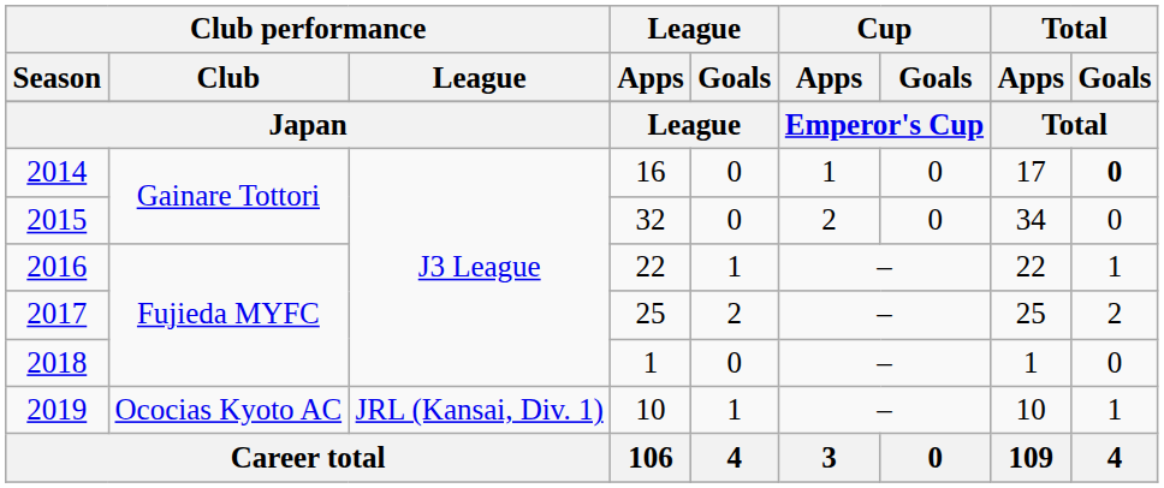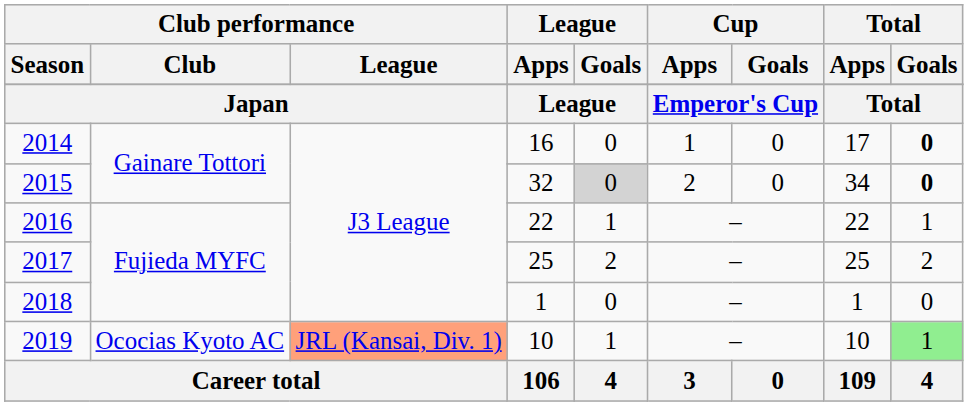 <table class="wikitable" style="text-align:center">
 <tr>
 <th colspan=3>Club performance</th>
 <th colspan=2>League</th>
 <th colspan=2>Cup</th>
 <th colspan=2>Total</th>
 </tr>
 <tr>
 <th>Season</th>
 <th>Club</th>
 <th>League</th>
 <th>Apps</th>
 <th>Goals</th>
 <th>Apps</th>
 <th>Goals</th>
 <th>Apps</th>
 <th>Goals</th>
 </tr>
 <tr>
 </tr>
 <tr>
 <th colspan=3>Japan</th>
 <th colspan=2>League</th>
 <th colspan=2><a href='#'>Emperor's Cup</a></th>
 <th colspan=2>Total</th>
 </tr>
 <tr>
 <td><a href='#'>2014</a></td>
 <td rowspan="2"><a href='#'>Gainare Tottori</a></td>
 <td rowspan="5"><a href='#'>J3 League</a></td>
 <td>16</td>
 <td>0</td>
 <td>1</td>
 <td>0</td>
 <td>17</td>
 <td><strong>0</strong></td>
 </tr>
 <tr>
 <td><a href='#'>2015</a></td>
 <td>32</td>
-<td>0</td>
+<td style="background: lightgrey;">0</td>
 <td>2</td>
 <td>0</td>
 <td>34</td>
-<td>0</td>
+<td><strong>0</strong></td>
 </tr>
 <tr>
 <td><a href='#'>2016</a></td>
 <td rowspan="3"><a href='#'>Fujieda MYFC</a></td>
 <td>22</td>
 <td>1</td>
 <td colspan="2">–</td>
 <td>22</td>
 <td>1</td>
 </tr>
 <tr>
 <td><a href='#'>2017</a></td>
 <td>25</td>
 <td>2</td>
 <td colspan="2">–</td>
 <td>25</td>
 <td>2</td>
 </tr>
 <tr>
 <td><a href='#'>2018</a></td>
 <td>1</td>
 <td>0</td>
 <td colspan="2">–</td>
 <td>1</td>
 <td>0</td>
 </tr>
 <tr>
 <td><a href='#'>2019</a></td>
 <td><a href='#'>Ococias Kyoto AC</a></td>
-<td><a href='#'>JRL (Kansai, Div. 1)</a></td>
+<td style="background: lightsalmon;"><a href='#'>JRL (Kansai, Div. 1)</a></td>
 <td>10</td>
 <td>1</td>
 <td colspan="2">–</td>
 <td>10</td>
-<td>1</td>
+<td style="background: lightgreen;">1</td>
 </tr>
 <tr>
 <th colspan=3>Career total</th>
 <th>106</th>
 <th>4</th>
 <th>3</th>
 <th>0</th>
 <th>109</th>
 <th>4</th>
 </tr>
 </table>
